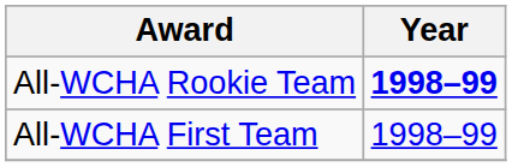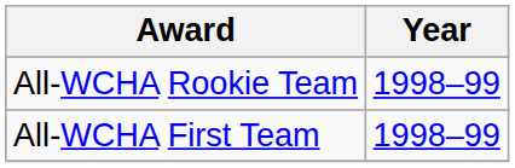 <table class="wikitable">
 <tr>
 <th>Award</th>
 <th>Year</th>
 </tr>
 <tr>
 <td>All-<a href='#'>WCHA</a> <a href='#'>Rookie Team</a></td>
-<td><strong><a href='#'>1998–99</a></strong></td>
+<td><a href='#'>1998–99</a></td>
 </tr>
 <tr>
 <td>All-<a href='#'>WCHA</a> <a href='#'>First Team</a></td>
 <td><a href='#'>1998–99</a></td>
 </tr>
 <tr>
 </tr>
 </table>
